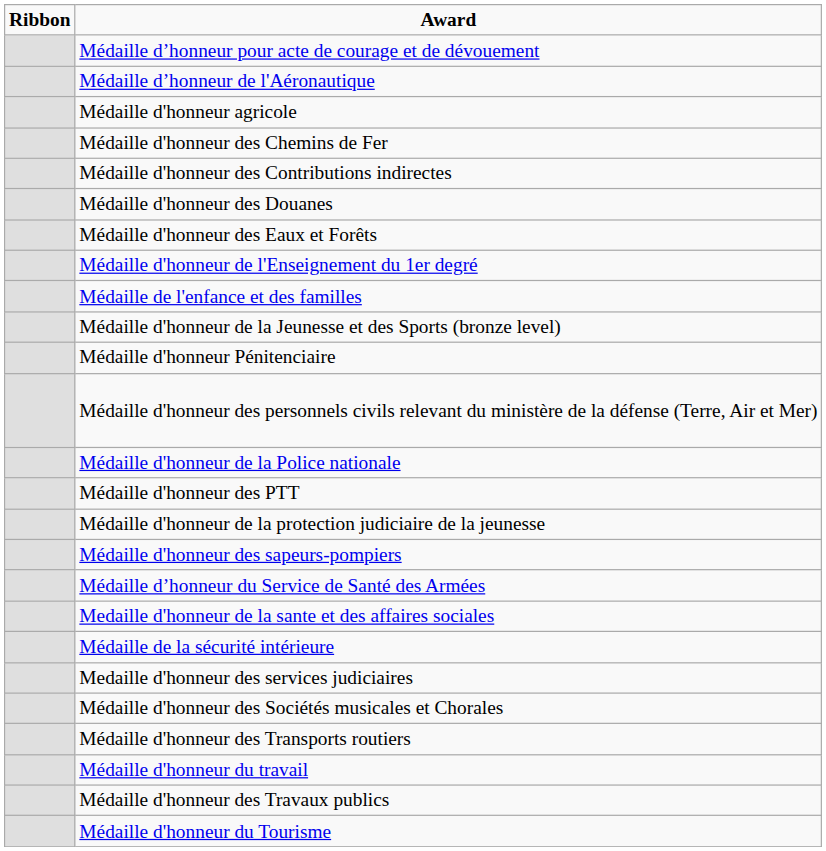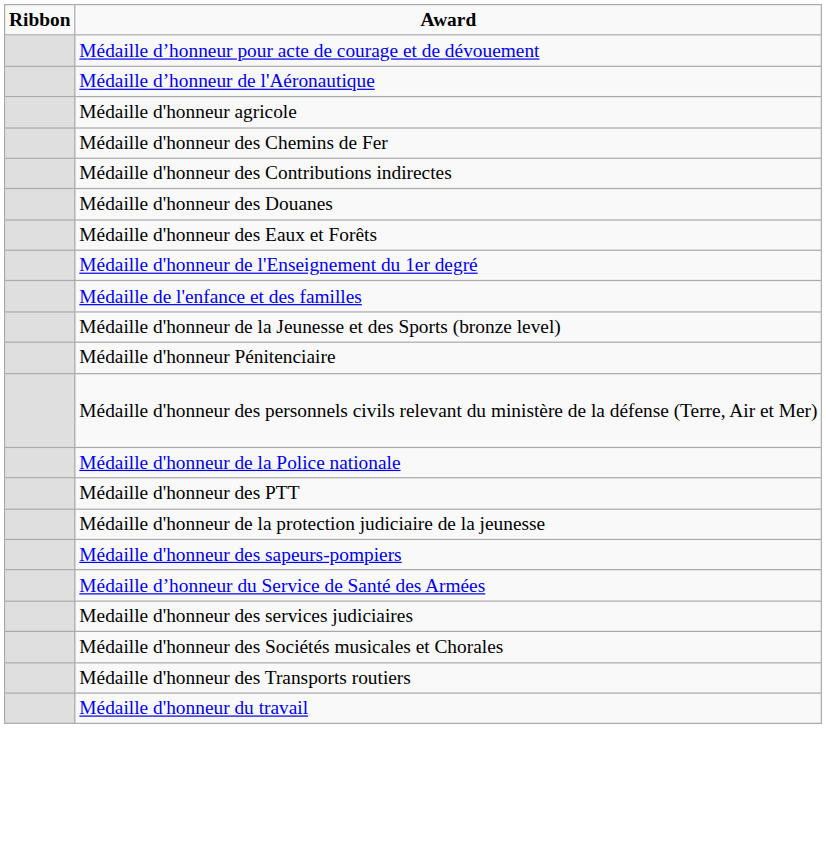 <table class="wikitable">
 <tr>
 <td align=center><strong>Ribbon</strong></td>
 <td align=center><strong>Award</strong></td>
 </tr>
 <tr>
 <td bgcolor="#DFDFDF"></td>
 <td><a href='#'>Médaille d’honneur pour acte de courage et de dévouement</a></td>
 </tr>
 <tr>
 <td bgcolor="#DFDFDF"></td>
 <td><a href='#'>Médaille d’honneur de l'Aéronautique</a></td>
 </tr>
 <tr>
 <td bgcolor="#DFDFDF"></td>
 <td>Médaille d'honneur agricole</td>
 </tr>
 <tr>
 <td bgcolor="#DFDFDF"></td>
 <td>Médaille d'honneur des Chemins de Fer</td>
 </tr>
 <tr>
 <td bgcolor="#DFDFDF"></td>
 <td>Médaille d'honneur des Contributions indirectes</td>
 </tr>
 <tr>
 <td bgcolor="#DFDFDF"></td>
 <td>Médaille d'honneur des Douanes</td>
 </tr>
 <tr>
 <td bgcolor="#DFDFDF"></td>
 <td>Médaille d'honneur des Eaux et Forêts</td>
 </tr>
 <tr>
 <td bgcolor="#DFDFDF"></td>
 <td><a href='#'>Médaille d'honneur de l'Enseignement du 1er degré</a></td>
 </tr>
 <tr>
 <td bgcolor="#DFDFDF"></td>
 <td><a href='#'>Médaille de l'enfance et des familles</a></td>
 </tr>
 <tr>
 <td bgcolor="#DFDFDF"></td>
 <td>Médaille d'honneur de la Jeunesse et des Sports (bronze level)</td>
 </tr>
 <tr>
 <td bgcolor="#DFDFDF"></td>
 <td>Médaille d'honneur Pénitenciaire</td>
 </tr>
 <tr>
 <td bgcolor="#DFDFDF"> <br><br> <br>  </td>
 <td>Médaille d'honneur des personnels civils relevant du ministère de la défense (Terre, Air et Mer)</td>
 </tr>
 <tr>
 <td bgcolor="#DFDFDF"></td>
 <td><a href='#'>Médaille d'honneur de la Police nationale</a></td>
 </tr>
 <tr>
 <td bgcolor="#DFDFDF"></td>
 <td>Médaille d'honneur des PTT</td>
 </tr>
 <tr>
 <td bgcolor="#DFDFDF"></td>
 <td>Médaille d'honneur de la protection judiciaire de la jeunesse</td>
 </tr>
 <tr>
 <td bgcolor="#DFDFDF"><br></td>
 <td><a href='#'>Médaille d'honneur des sapeurs-pompiers</a></td>
 </tr>
 <tr>
 <td bgcolor="#DFDFDF"></td>
 <td><a href='#'>Médaille d’honneur du Service de Santé des Armées</a></td>
 </tr>
 <tr>
 <td bgcolor="#DFDFDF"></td>
-<td><a href='#'>Medaille d'honneur de la sante et des affaires sociales</a></td>
-</tr>
-<tr>
-<td bgcolor="#DFDFDF"></td>
-<td><a href='#'>Médaille de la sécurité intérieure</a></td>
-</tr>
-<tr>
-<td bgcolor="#DFDFDF"></td>
 <td>Medaille d'honneur des services judiciaires</td>
 </tr>
 <tr>
 <td bgcolor="#DFDFDF"></td>
 <td>Médaille d'honneur des Sociétés musicales et Chorales</td>
 </tr>
 <tr>
 <td bgcolor="#DFDFDF"></td>
 <td>Médaille d'honneur des Transports routiers</td>
 </tr>
 <tr>
 <td bgcolor="#DFDFDF"></td>
 <td><a href='#'>Médaille d'honneur du travail</a></td>
 </tr>
-<tr>
-<td bgcolor="#DFDFDF"></td>
-<td>Médaille d'honneur des Travaux publics</td>
-</tr>
-<tr>
-<td bgcolor="#DFDFDF"></td>
-<td><a href='#'>Médaille d'honneur du Tourisme</a></td>
-</tr>
 </table>
